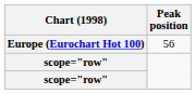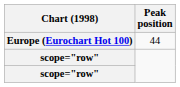 <table class="wikitable sortable plainrowheaders">
 <tr>
 <th scope="col">Chart (1998)</th>
 <th scope="col">Peak<br>position</th>
 </tr>
 <tr>
 <th scope="row">Europe (<a href='#'>Eurochart Hot 100</a>)</th>
-<td align="center">56</td>
+<td align="center">44</td>
 </tr>
 <tr>
 <th>scope="row"</th>
 </tr>
 <tr>
 <th>scope="row"</th>
 </tr>
 </table>
